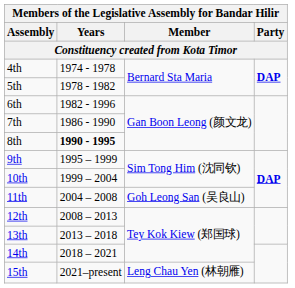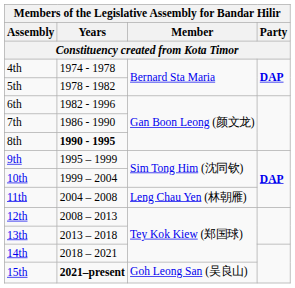 <table class="wikitable">
 <tr>
 <th colspan="4">Members of the Legislative Assembly for Bandar Hilir</th>
 </tr>
 <tr>
 <th>Assembly</th>
 <th>Years</th>
 <th>Member</th>
 <th>Party</th>
 </tr>
 <tr>
 <th colspan="4"><em>Constituency created from Kota Timor</em></th>
 </tr>
 <tr>
 <td>4th</td>
 <td>1974 - 1978</td>
 <td rowspan="2"><a href='#'>Bernard Sta Maria</a></td>
 <td rowspan="2"><strong><a href='#'>DAP</a></strong></td>
 </tr>
 <tr>
 <td>5th</td>
 <td>1978 - 1982</td>
 </tr>
 <tr>
 <td>6th</td>
 <td>1982 - 1996</td>
 <td rowspan="3"><a href='#'>Gan Boon Leong</a> (颜文龙)</td>
 <td rowspan="3"></td>
 </tr>
 <tr>
 <td>7th</td>
 <td>1986 - 1990</td>
 </tr>
 <tr>
 <td>8th</td>
 <td><strong>1990 - 1995</strong></td>
 </tr>
 <tr>
 <td><a href='#'>9th</a></td>
 <td>1995 – 1999</td>
 <td rowspan="2"><a href='#'>Sim Tong Him</a> (沈同钦)</td>
 <td rowspan="3"><strong><a href='#'>DAP</a></strong></td>
 </tr>
 <tr>
 <td><a href='#'>10th</a></td>
 <td>1999 – 2004</td>
 </tr>
 <tr>
 <td><a href='#'>11th</a></td>
 <td>2004 – 2008</td>
-<td><a href='#'>Goh Leong San</a> (吴良山)</td>
+<td><a href='#'>Leng Chau Yen</a> (林朝雁)</td>
 </tr>
 <tr>
 <td><a href='#'>12th</a></td>
 <td>2008 – 2013</td>
 <td rowspan="3"><a href='#'>Tey Kok Kiew</a> (郑国球)</td>
 <td rowspan=2></td>
 </tr>
 <tr>
 <td><a href='#'>13th</a></td>
 <td>2013 – 2018</td>
 </tr>
 <tr>
 <td><a href='#'>14th</a></td>
 <td>2018 – 2021</td>
 <td rowspan="2"></td>
 </tr>
 <tr>
 <td><a href='#'>15th</a></td>
-<td>2021–present</td>
-<td><a href='#'>Leng Chau Yen</a> (林朝雁)</td>
+<td><strong>2021–present</strong></td>
+<td><a href='#'>Goh Leong San</a> (吴良山)</td>
 </tr>
 </table>
